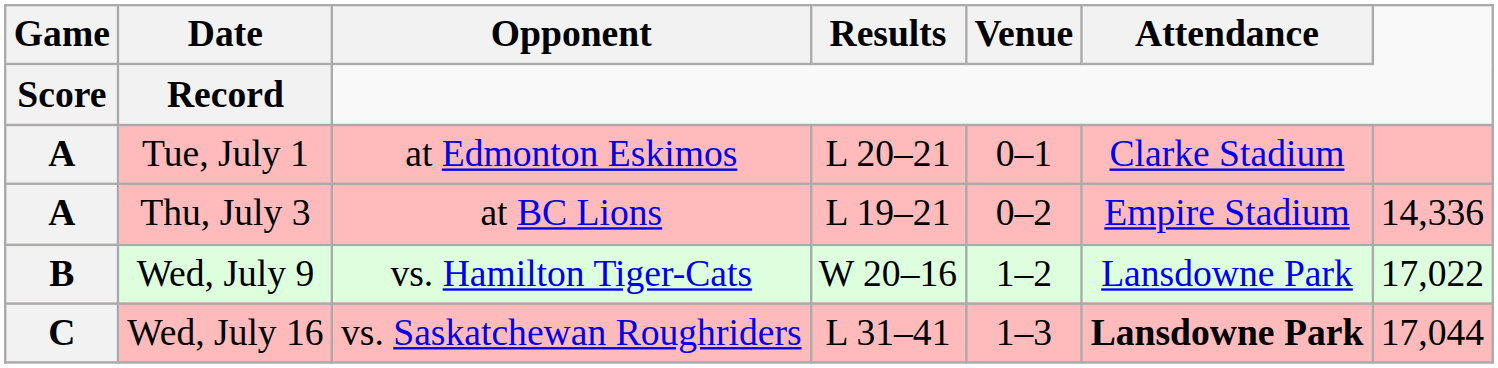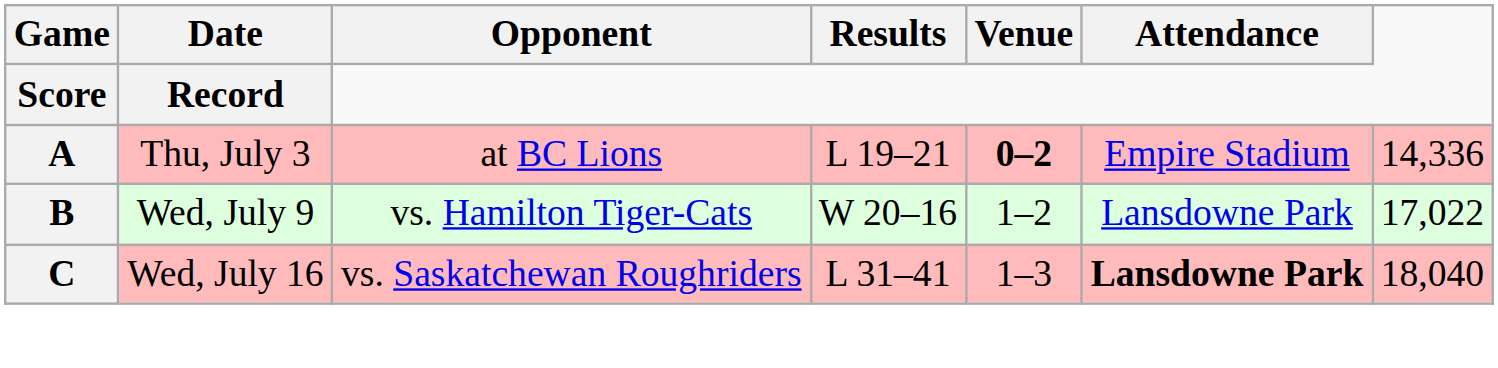 <table class="wikitable" style="text-align:center">
 <tr>
 <th>Game</th>
 <th>Date</th>
 <th>Opponent</th>
 <th>Results</th>
 <th>Venue</th>
 <th>Attendance</th>
 </tr>
 <tr>
 <th>Score</th>
 <th>Record</th>
 </tr>
 <tr style="background:#ffbbbb">
 <th>A</th>
-<td>Tue, July 1</td>
-<td>at <a href='#'>Edmonton Eskimos</a></td>
-<td>L 20–21</td>
-<td>0–1</td>
-<td><a href='#'>Clarke Stadium</a></td>
-<td></td>
-</tr>
-<tr style="background:#ffbbbb">
-<th>A</th>
 <td>Thu, July 3</td>
 <td>at <a href='#'>BC Lions</a></td>
 <td>L 19–21</td>
-<td>0–2</td>
+<td><strong>0–2</strong></td>
 <td><a href='#'>Empire Stadium</a></td>
 <td>14,336</td>
 </tr>
 <tr style="background:#ddffdd">
 <th>B</th>
 <td>Wed, July 9</td>
 <td>vs. <a href='#'>Hamilton Tiger-Cats</a></td>
 <td>W 20–16</td>
 <td>1–2</td>
 <td><a href='#'>Lansdowne Park</a></td>
 <td>17,022</td>
 </tr>
 <tr style="background:#ffbbbb">
 <th>C</th>
 <td>Wed, July 16</td>
 <td>vs. <a href='#'>Saskatchewan Roughriders</a></td>
 <td>L 31–41</td>
 <td>1–3</td>
 <td><strong>Lansdowne Park</strong></td>
-<td>17,044</td>
+<td>18,040</td>
 </tr>
 </table>
